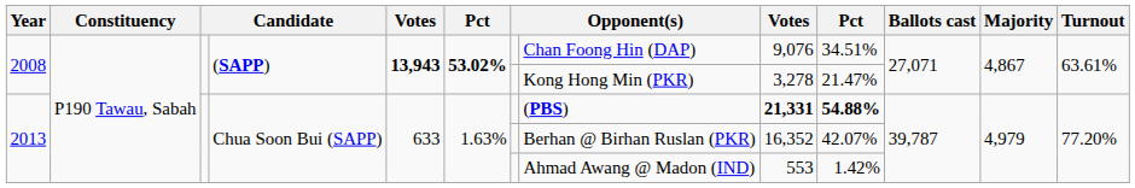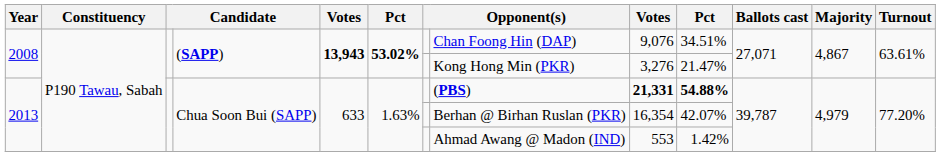 <table class="wikitable" style="margin:0.5em ; font-size:95%">
 <tr>
 <th>Year</th>
 <th>Constituency</th>
 <th colspan=2>Candidate</th>
 <th>Votes</th>
 <th>Pct</th>
 <th colspan=2>Opponent(s)</th>
 <th>Votes</th>
 <th>Pct</th>
 <th>Ballots cast</th>
 <th>Majority</th>
 <th>Turnout</th>
 </tr>
 <tr>
 <td rowspan=2><a href='#'>2008</a></td>
 <td rowspan=5>P190 <a href='#'>Tawau</a>, Sabah</td>
 <td rowspan=2 ></td>
 <td rowspan=2> (<a href='#'><strong>SAPP</strong></a>)</td>
 <td rowspan=2 align="right"><strong>13,943</strong></td>
 <td rowspan=2><strong>53.02%</strong></td>
 <td></td>
 <td><a href='#'>Chan Foong Hin</a> (<a href='#'>DAP</a>)</td>
 <td align="right">9,076</td>
 <td>34.51%</td>
 <td rowspan="2">27,071</td>
 <td rowspan="2">4,867</td>
 <td rowspan="2">63.61%</td>
 </tr>
 <tr>
 <td></td>
 <td>Kong Hong Min (<a href='#'>PKR</a>)</td>
-<td align="right">3,278</td>
+<td align="right">3,276</td>
 <td>21.47%</td>
 </tr>
 <tr>
 <td rowspan=3><a href='#'>2013</a></td>
 <td rowspan=3 ></td>
 <td rowspan=3>Chua Soon Bui (<a href='#'>SAPP</a>)</td>
 <td rowspan=3 align=right>633</td>
 <td rowspan=3 align=right>1.63%</td>
 <td></td>
 <td><strong></strong> (<a href='#'><strong>PBS</strong></a>)</td>
 <td align=right><strong>21,331</strong></td>
 <td><strong>54.88%</strong></td>
 <td rowspan=3>39,787</td>
 <td rowspan=3>4,979</td>
 <td rowspan=3>77.20%</td>
 </tr>
 <tr>
 <td></td>
 <td>Berhan @ Birhan Ruslan (<a href='#'>PKR</a>)</td>
-<td align="right">16,352</td>
+<td align="right">16,354</td>
 <td>42.07%</td>
 </tr>
 <tr>
 <td></td>
 <td>Ahmad Awang @ Madon (<a href='#'>IND</a>)</td>
 <td align=right>553</td>
 <td align=right>1.42%</td>
 </tr>
 <tr>
 </tr>
 </table>
